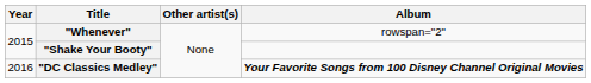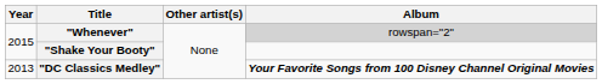 <table class="wikitable plainrowheaders" style="text-align: center">
 <tr>
 <th scope="col">Year</th>
 <th scope="col">Title</th>
 <th scope="col">Other artist(s)</th>
 <th scope="col">Album</th>
 </tr>
 <tr>
 <td rowspan="2">2015</td>
 <th scope="row">"Whenever" </th>
 <td rowspan="3">None</td>
-<td>rowspan="2" </td>
+<td style="background: lightgrey;">rowspan="2" </td>
 </tr>
 <tr>
 <th scope="row">"Shake Your Booty" </th>
 </tr>
 <tr>
-<td>2016</td>
+<td>2013</td>
 <th scope="row">"DC Classics Medley"</th>
 <td><strong><em>Your Favorite Songs from 100 Disney Channel Original Movies</em></strong></td>
 </tr>
 </table>
